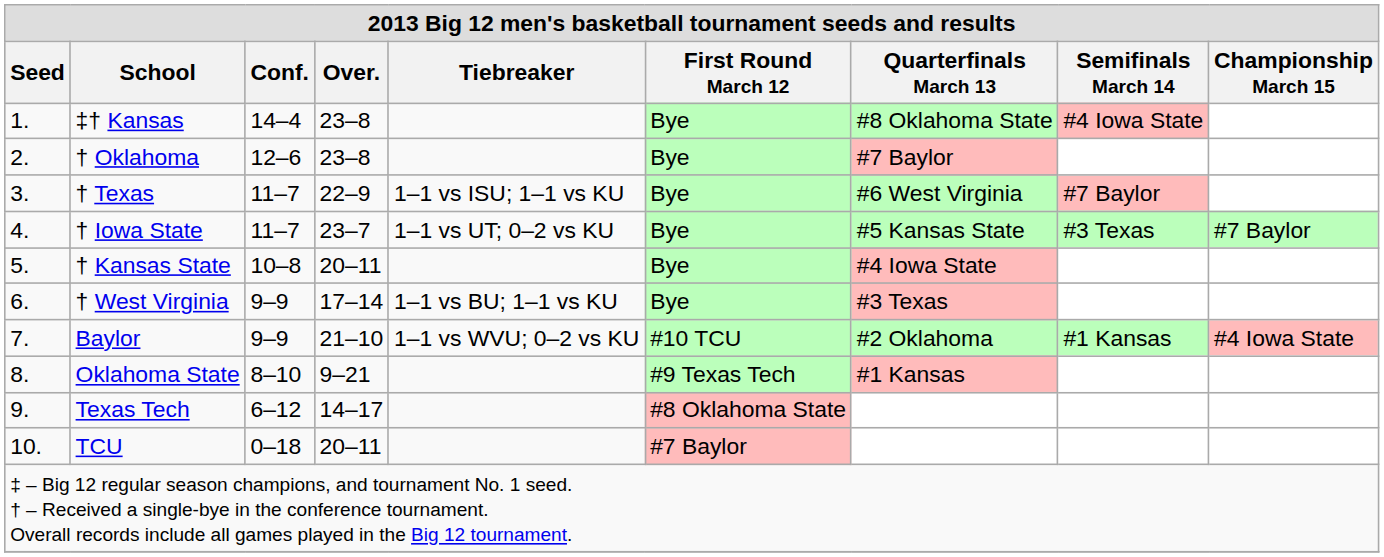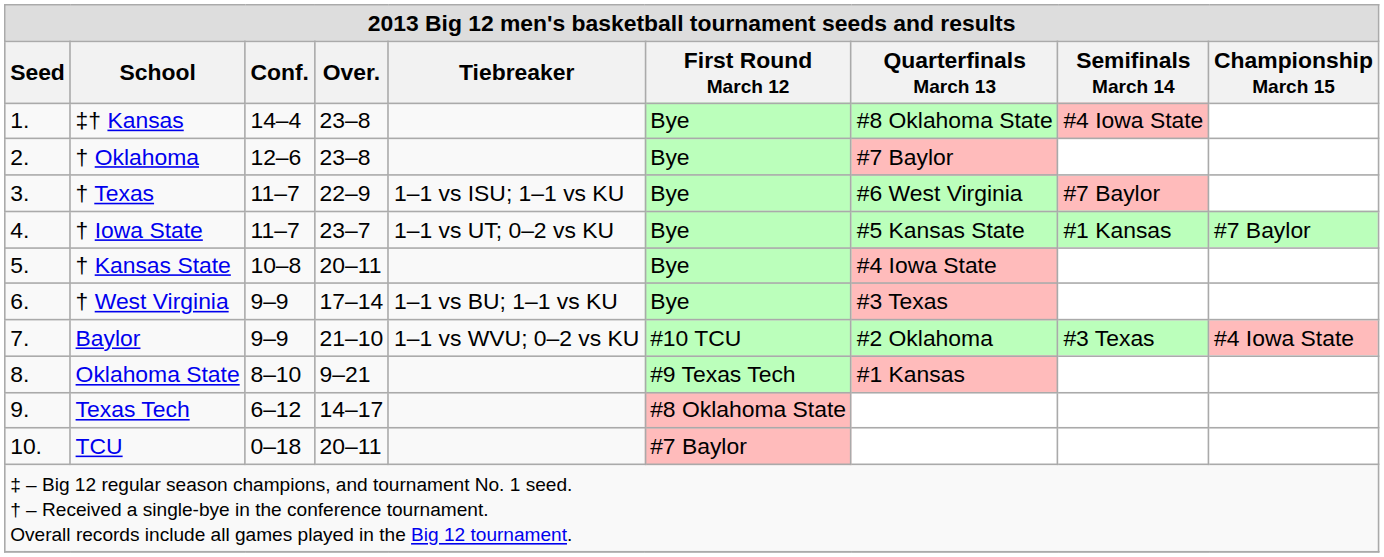 <table class="wikitable" style="white-space:nowrap; font-size:90%;">
 <tr>
 <td colspan="10" style="text-align:center; background:#DDDDDD; font:#000000"><strong>2013 Big 12 men's basketball tournament seeds and results</strong></td>
 </tr>
 <tr bgcolor="#efefef">
 <th>Seed</th>
 <th>School</th>
 <th>Conf.</th>
 <th>Over.</th>
 <th>Tiebreaker</th>
 <th>First Round<br><small>March 12</small></th>
 <th>Quarterfinals<br><small>March 13</small></th>
 <th>Semifinals<br><small>March 14</small></th>
 <th>Championship<br><small>March 15</small></th>
 </tr>
 <tr>
 <td>1.</td>
 <td>‡† <a href='#'>Kansas</a></td>
 <td>14–4</td>
 <td>23–8</td>
 <td></td>
 <td style="background:#bfb;">Bye</td>
 <td style="background:#bfb;">#8 Oklahoma State</td>
 <td style="background:#fbb;">#4 Iowa State</td>
 <td style="background:#fff;"></td>
 </tr>
 <tr>
 <td>2.</td>
 <td>† <a href='#'>Oklahoma</a></td>
 <td>12–6</td>
 <td>23–8</td>
 <td></td>
 <td style="background:#bfb;">Bye</td>
 <td style="background:#fbb;">#7 Baylor</td>
 <td style="background:#fff;"></td>
 <td style="background:#fff;"></td>
 </tr>
 <tr>
 <td>3.</td>
 <td>† <a href='#'>Texas</a></td>
 <td>11–7</td>
 <td>22–9</td>
 <td>1–1 vs ISU; 1–1 vs KU</td>
 <td style="background:#bfb;">Bye</td>
 <td style="background:#bfb;">#6 West Virginia</td>
 <td style="background:#fbb;">#7 Baylor</td>
 <td style="background:#fff;"></td>
 </tr>
 <tr>
 <td>4.</td>
 <td>† <a href='#'>Iowa State</a></td>
 <td>11–7</td>
 <td>23–7</td>
 <td>1–1 vs UT; 0–2 vs KU</td>
 <td style="background:#bfb;">Bye</td>
 <td style="background:#bfb;">#5 Kansas State</td>
-<td style="background:#bfb;">#3 Texas</td>
+<td style="background:#bfb;">#1 Kansas</td>
 <td style="background:#bfb;">#7 Baylor</td>
 </tr>
 <tr>
 <td>5.</td>
 <td>† <a href='#'>Kansas State</a></td>
 <td>10–8</td>
 <td>20–11</td>
 <td></td>
 <td style="background:#bfb;">Bye</td>
 <td style="background:#fbb;">#4 Iowa State</td>
 <td style="background:#fff;"></td>
 <td style="background:#fff;"></td>
 </tr>
 <tr>
 <td>6.</td>
 <td>† <a href='#'>West Virginia</a></td>
 <td>9–9</td>
 <td>17–14</td>
 <td>1–1 vs BU; 1–1 vs KU</td>
 <td style="background:#bfb;">Bye</td>
 <td style="background:#fbb;">#3 Texas</td>
 <td style="background:#fff;"></td>
 <td style="background:#fff;"></td>
 </tr>
 <tr>
 <td>7.</td>
 <td><a href='#'>Baylor</a></td>
 <td>9–9</td>
 <td>21–10</td>
 <td>1–1 vs WVU; 0–2 vs KU</td>
 <td style="background:#bfb;">#10 TCU</td>
 <td style="background:#bfb;">#2 Oklahoma</td>
-<td style="background:#bfb;">#1 Kansas</td>
+<td style="background:#bfb;">#3 Texas</td>
 <td style="background:#fbb;">#4 Iowa State</td>
 </tr>
 <tr>
 <td>8.</td>
 <td><a href='#'>Oklahoma State</a></td>
 <td>8–10</td>
 <td>9–21</td>
 <td></td>
 <td style="background:#bfb;">#9 Texas Tech</td>
 <td style="background:#fbb;">#1 Kansas</td>
 <td style="background:#fff;"></td>
 <td style="background:#fff;"></td>
 </tr>
 <tr>
 <td>9.</td>
 <td><a href='#'>Texas Tech</a></td>
 <td>6–12</td>
 <td>14–17</td>
 <td></td>
 <td style="background:#fbb;">#8 Oklahoma State</td>
 <td style="background:#fff;"></td>
 <td style="background:#fff;"></td>
 <td style="background:#fff;"></td>
 </tr>
 <tr>
 <td>10.</td>
 <td><a href='#'>TCU</a></td>
 <td>0–18</td>
 <td>20–11</td>
 <td></td>
 <td style="background:#fbb;">#7 Baylor</td>
 <td style="background:#fff;"></td>
 <td style="background:#fff;"></td>
 <td style="background:#fff;"></td>
 </tr>
 <tr>
 <td colspan="10" style="text-align:left;"><small>‡ – Big 12 regular season champions, and tournament No. 1 seed.<br>† – Received a single-bye in the conference tournament.<br>Overall records include all games played in the <a href='#'>Big 12 tournament</a>.</small></td>
 </tr>
 <tr>
 </tr>
 </table>
